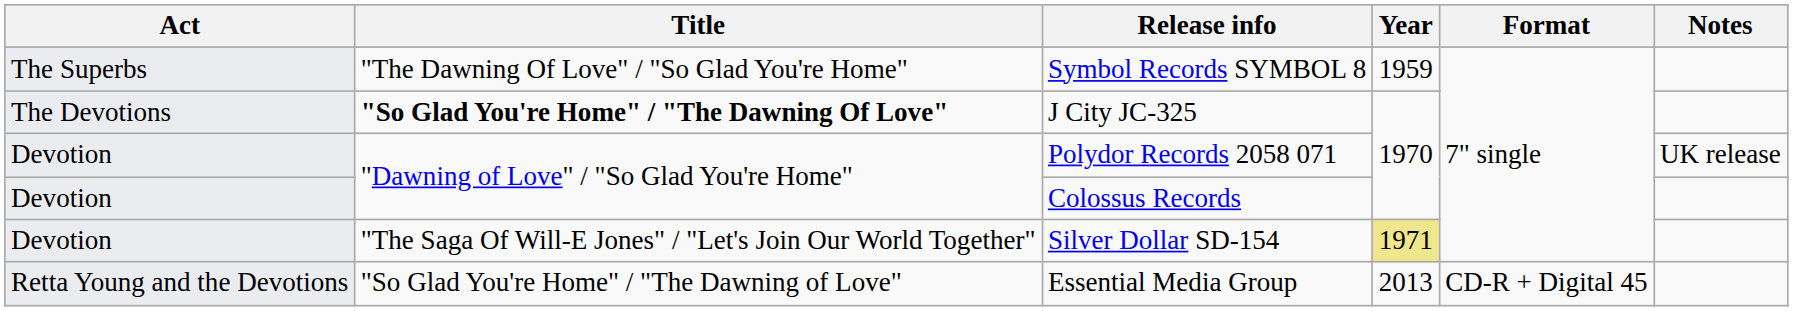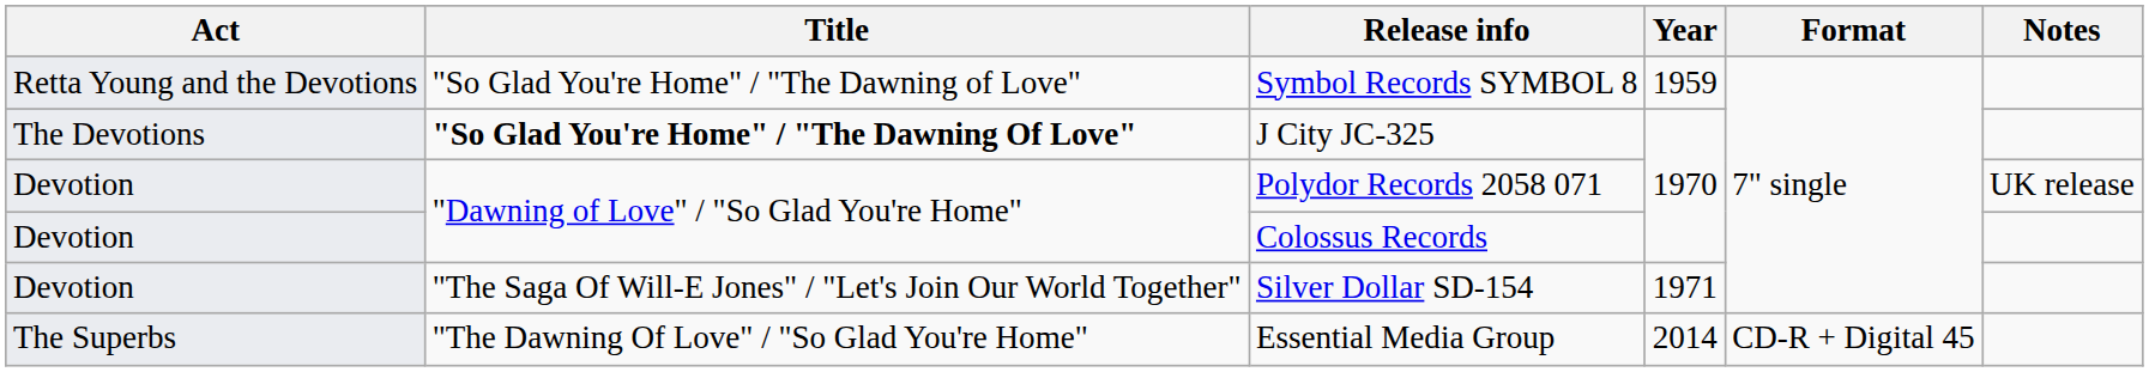 <table class="wikitable plainrowheaders sortable">
 <tr>
 <th>Act</th>
 <th>Title</th>
 <th>Release info</th>
 <th>Year</th>
 <th>Format</th>
 <th class="unsortable">Notes</th>
 </tr>
 <tr>
-<td style="background:#EAECF0">The Superbs</td>
-<td>"The Dawning Of Love" / "So Glad You're Home"</td>
+<td style="background:#EAECF0">Retta Young and the Devotions</td>
+<td>"So Glad You're Home" / "The Dawning of Love"</td>
 <td><a href='#'>Symbol Records</a> SYMBOL 8</td>
 <td>1959</td>
 <td rowspan="5">7" single</td>
 <td></td>
 </tr>
 <tr>
 <td style="background:#EAECF0">The Devotions</td>
 <td><strong>"So Glad You're Home" / "The Dawning Of Love"</strong></td>
 <td>J City JC-325</td>
 <td rowspan="3">1970</td>
 <td></td>
 </tr>
 <tr>
 <td style="background:#EAECF0">Devotion</td>
 <td rowspan="2">"<a href='#'>Dawning of Love</a>" / "So Glad You're Home"</td>
 <td><a href='#'>Polydor Records</a> 2058 071</td>
 <td>UK release</td>
 </tr>
 <tr>
 <td style="background:#EAECF0">Devotion</td>
 <td><a href='#'>Colossus Records</a></td>
 <td></td>
 </tr>
 <tr>
 <td style="background:#EAECF0">Devotion</td>
 <td>"The Saga Of Will-E Jones" / "Let's Join Our World Together"</td>
 <td><a href='#'>Silver Dollar</a> SD-154</td>
-<td style="background: khaki;">1971</td>
+<td>1971</td>
 <td></td>
 </tr>
 <tr>
-<td style="background:#EAECF0">Retta Young and the Devotions</td>
-<td>"So Glad You're Home" / "The Dawning of Love"</td>
+<td style="background:#EAECF0">The Superbs</td>
+<td>"The Dawning Of Love" / "So Glad You're Home"</td>
 <td>Essential Media Group</td>
-<td>2013</td>
+<td>2014</td>
 <td>CD-R + Digital 45</td>
 <td></td>
 </tr>
 </table>
